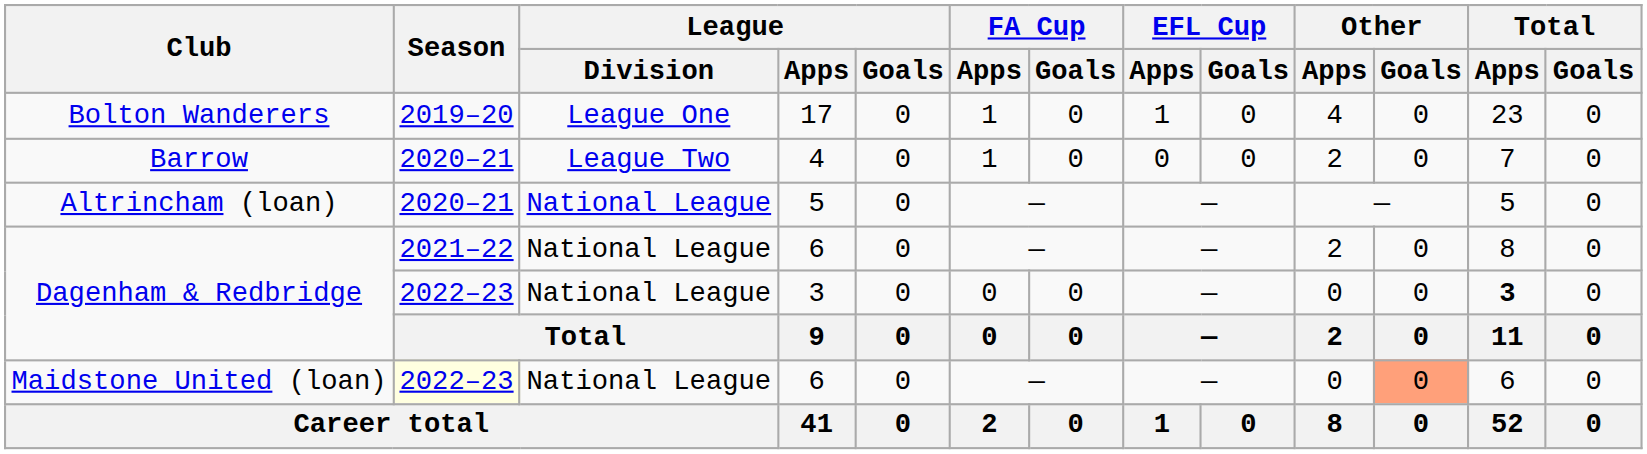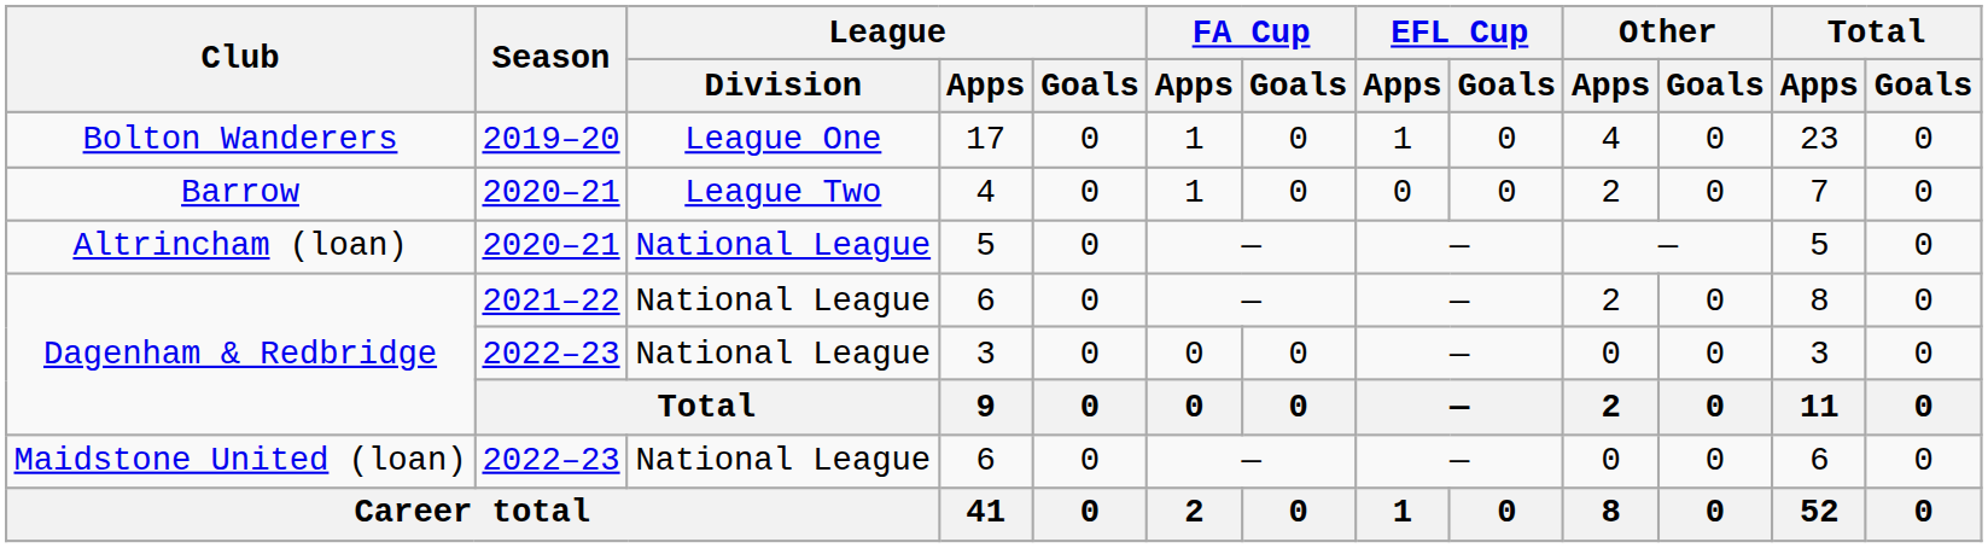 <table class="wikitable" style="text-align: center">
 <tr>
 <th rowspan="2">Club</th>
 <th rowspan="2">Season</th>
 <th colspan="3">League</th>
 <th colspan="2"><a href='#'>FA Cup</a></th>
 <th colspan="2"><a href='#'>EFL Cup</a></th>
 <th colspan="2">Other</th>
 <th colspan="2">Total</th>
 </tr>
 <tr>
 <th>Division</th>
 <th>Apps</th>
 <th>Goals</th>
 <th>Apps</th>
 <th>Goals</th>
 <th>Apps</th>
 <th>Goals</th>
 <th>Apps</th>
 <th>Goals</th>
 <th>Apps</th>
 <th>Goals</th>
 </tr>
 <tr>
 <td><a href='#'>Bolton Wanderers</a></td>
 <td><a href='#'>2019–20</a></td>
 <td><a href='#'>League One</a></td>
 <td>17</td>
 <td>0</td>
 <td>1</td>
 <td>0</td>
 <td>1</td>
 <td>0</td>
 <td>4</td>
 <td>0</td>
 <td>23</td>
 <td>0</td>
 </tr>
 <tr>
 <td><a href='#'>Barrow</a></td>
 <td><a href='#'>2020–21</a></td>
 <td><a href='#'>League Two</a></td>
 <td>4</td>
 <td>0</td>
 <td>1</td>
 <td>0</td>
 <td>0</td>
 <td>0</td>
 <td>2</td>
 <td>0</td>
 <td>7</td>
 <td>0</td>
 </tr>
 <tr>
 <td><a href='#'>Altrincham</a> (loan)</td>
 <td><a href='#'>2020–21</a></td>
 <td><a href='#'>National League</a></td>
 <td>5</td>
 <td>0</td>
 <td colspan=2>—</td>
 <td colspan=2>—</td>
 <td colspan=2>—</td>
 <td>5</td>
 <td>0</td>
 </tr>
 <tr>
 <td rowspan="3"><a href='#'>Dagenham & Redbridge</a></td>
 <td><a href='#'>2021–22</a></td>
 <td>National League</td>
 <td>6</td>
 <td>0</td>
 <td colspan=2>—</td>
 <td colspan=2>—</td>
 <td>2</td>
 <td>0</td>
 <td>8</td>
 <td>0</td>
 </tr>
 <tr>
 <td><a href='#'>2022–23</a></td>
 <td>National League</td>
 <td>3</td>
 <td>0</td>
 <td>0</td>
 <td>0</td>
 <td colspan=2>—</td>
 <td>0</td>
 <td>0</td>
-<td><strong>3</strong></td>
+<td>3</td>
 <td>0</td>
 </tr>
 <tr>
 <th colspan="2">Total</th>
 <th>9</th>
 <th>0</th>
 <th>0</th>
 <th>0</th>
 <th colspan=2>—</th>
 <th>2</th>
 <th>0</th>
 <th>11</th>
 <th>0</th>
 </tr>
 <tr>
 <td><a href='#'>Maidstone United</a> (loan)</td>
-<td style="background: lightyellow;"><a href='#'>2022–23</a></td>
+<td><a href='#'>2022–23</a></td>
 <td>National League</td>
 <td>6</td>
 <td>0</td>
 <td colspan=2>—</td>
 <td colspan=2>—</td>
 <td>0</td>
-<td style="background: lightsalmon;">0</td>
+<td>0</td>
 <td>6</td>
 <td>0</td>
 </tr>
 <tr>
 <th colspan="3">Career total</th>
 <th>41</th>
 <th>0</th>
 <th>2</th>
 <th>0</th>
 <th>1</th>
 <th>0</th>
 <th>8</th>
 <th>0</th>
 <th>52</th>
 <th>0</th>
 </tr>
 </table>
